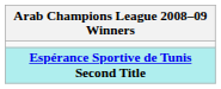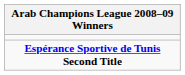 <table class="wikitable" style="text-align: center; margin: 0 auto; width: 20%">
 <tr>
 <th>Arab Champions League 2008–09<br>Winners</th>
 </tr>
 <tr>
 <td></td>
 </tr>
 <tr>
-<td style="background: paleturquoise;"><strong><a href='#'>Espérance Sportive de Tunis</a></strong><br><strong>Second Title</strong></td>
+<td><strong><a href='#'>Espérance Sportive de Tunis</a></strong><br><strong>Second Title</strong></td>
 </tr>
 </table>
